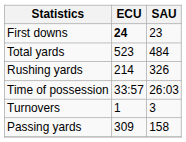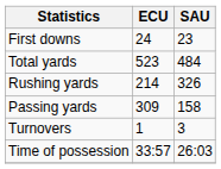 <table class="wikitable" style="float: left;">
 <tr>
 <th>Statistics</th>
 <th>ECU</th>
 <th>SAU</th>
 </tr>
 <tr>
 <td>First downs</td>
-<td><strong>24</strong></td>
+<td>24</td>
 <td>23</td>
 </tr>
 <tr>
 <td>Total yards</td>
 <td>523</td>
 <td>484</td>
 </tr>
 <tr>
 <td>Rushing yards</td>
 <td>214</td>
 <td>326</td>
 </tr>
 <tr>
-<td>Time of possession</td>
-<td>33:57</td>
-<td>26:03</td>
+<td>Passing yards</td>
+<td>309</td>
+<td>158</td>
 </tr>
 <tr>
 <td>Turnovers</td>
 <td>1</td>
 <td>3</td>
 </tr>
 <tr>
-<td>Passing yards</td>
-<td>309</td>
-<td>158</td>
+<td>Time of possession</td>
+<td>33:57</td>
+<td>26:03</td>
 </tr>
 <tr>
 </tr>
 </table>
